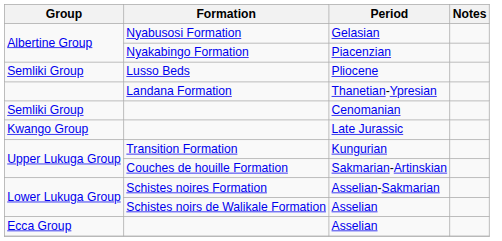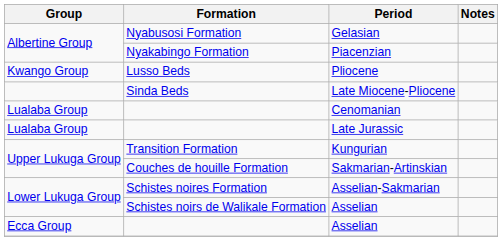 <table class="wikitable sortable">
 <tr>
 <th>Group</th>
 <th>Formation</th>
 <th>Period</th>
 <th class="unsortable">Notes</th>
 </tr>
 <tr>
 <td rowspan=2><a href='#'>Albertine Group</a></td>
 <td><a href='#'>Nyabusosi Formation</a></td>
 <td style="background-color: "><a href='#'>Gelasian</a></td>
 <td align=center></td>
 </tr>
 <tr>
 <td><a href='#'>Nyakabingo Formation</a></td>
 <td style="background-color: "><a href='#'>Piacenzian</a></td>
 <td align=center></td>
 </tr>
 <tr>
-<td><a href='#'>Semliki Group</a></td>
+<td><a href='#'>Kwango Group</a></td>
 <td><a href='#'>Lusso Beds</a></td>
 <td style="background-color: "><a href='#'>Pliocene</a></td>
 <td align=center></td>
 </tr>
 <tr>
 <td></td>
-<td><a href='#'>Landana Formation</a></td>
-<td style="background-color: "><a href='#'>Thanetian</a>-<a href='#'>Ypresian</a></td>
+<td><a href='#'>Sinda Beds</a></td>
+<td style="background-color: "><a href='#'>Late Miocene</a>-<a href='#'>Pliocene</a></td>
 <td align=center></td>
 </tr>
 <tr>
-<td><a href='#'>Semliki Group</a></td>
+<td><a href='#'>Lualaba Group</a></td>
 <td></td>
 <td style="background-color: "><a href='#'>Cenomanian</a></td>
 <td align=center></td>
 </tr>
 <tr>
-<td><a href='#'>Kwango Group</a></td>
+<td><a href='#'>Lualaba Group</a></td>
 <td></td>
 <td style="background-color: "><a href='#'>Late Jurassic</a></td>
 <td align=center></td>
 </tr>
 <tr>
 <td rowspan=2><a href='#'>Upper Lukuga Group</a></td>
 <td><a href='#'>Transition Formation</a></td>
 <td style="background-color: "><a href='#'>Kungurian</a></td>
 <td align=center></td>
 </tr>
 <tr>
 <td><a href='#'>Couches de houille Formation</a></td>
 <td style="background-color: "><a href='#'>Sakmarian</a>-<a href='#'>Artinskian</a></td>
 <td align=center></td>
 </tr>
 <tr>
 <td rowspan=2><a href='#'>Lower Lukuga Group</a></td>
 <td><a href='#'>Schistes noires Formation</a></td>
 <td style="background-color: "><a href='#'>Asselian</a>-<a href='#'>Sakmarian</a></td>
 <td align=center></td>
 </tr>
 <tr>
 <td><a href='#'>Schistes noirs de Walikale Formation</a></td>
 <td style="background-color: "><a href='#'>Asselian</a></td>
 <td align=center></td>
 </tr>
 <tr>
 <td><a href='#'>Ecca Group</a></td>
 <td></td>
 <td style="background-color: "><a href='#'>Asselian</a></td>
 <td align=center></td>
 </tr>
 <tr>
 </tr>
 </table>
